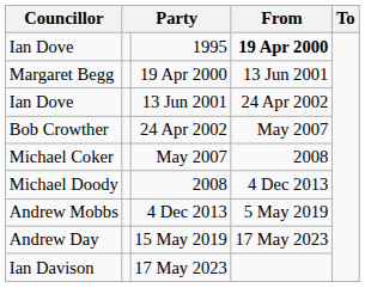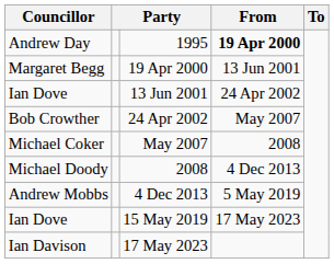 <table class=wikitable>
 <tr>
 <th>Councillor</th>
 <th colspan=2>Party</th>
 <th>From</th>
 <th>To</th>
 </tr>
 <tr>
-<td>Ian Dove</td>
+<td>Andrew Day</td>
 <td></td>
 <td align=right>1995</td>
 <td align=right><strong>19 Apr 2000</strong></td>
 </tr>
 <tr>
 <td>Margaret Begg</td>
 <td></td>
 <td align=right>19 Apr 2000</td>
 <td align=right>13 Jun 2001</td>
 </tr>
 <tr>
 <td>Ian Dove</td>
 <td></td>
 <td align=right>13 Jun 2001</td>
 <td align=right>24 Apr 2002</td>
 </tr>
 <tr>
 <td>Bob Crowther</td>
 <td></td>
 <td align=right>24 Apr 2002</td>
 <td align=right>May 2007</td>
 </tr>
 <tr>
 <td>Michael Coker</td>
 <td></td>
 <td align=right>May 2007</td>
 <td align=right>2008</td>
 </tr>
 <tr>
 <td>Michael Doody</td>
 <td></td>
 <td align=right>2008</td>
 <td align=right>4 Dec 2013</td>
 </tr>
 <tr>
 <td>Andrew Mobbs</td>
 <td></td>
 <td align=right>4 Dec 2013</td>
 <td align=right>5 May 2019</td>
 </tr>
 <tr>
-<td>Andrew Day</td>
+<td>Ian Dove</td>
 <td></td>
 <td align=right>15 May 2019</td>
 <td align=right>17 May 2023</td>
 </tr>
 <tr>
 <td>Ian Davison</td>
 <td></td>
 <td align=right>17 May 2023</td>
 <td></td>
 </tr>
 </table>
